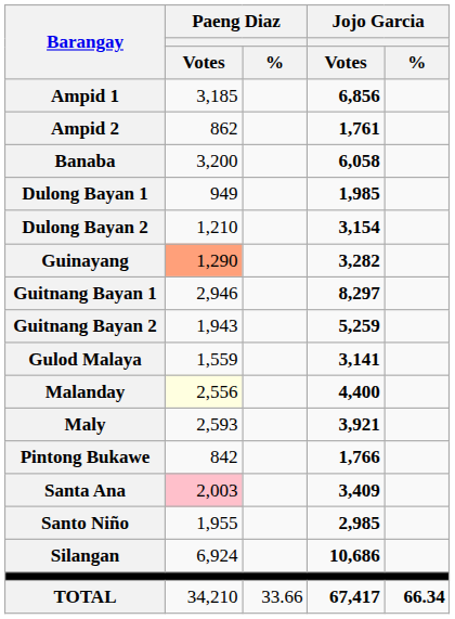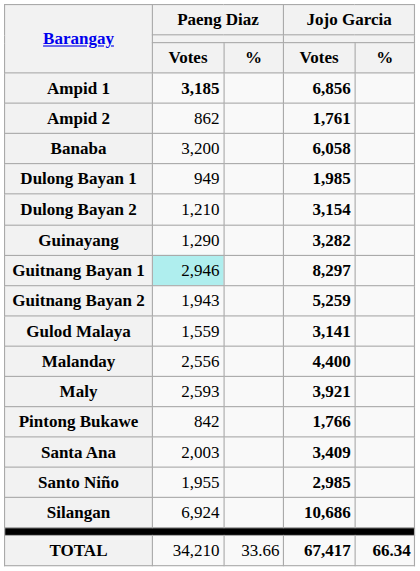 <table class="wikitable collapsible collapsed" style="text-align:right; font-size:95%; line-height:20px;">
 <tr>
 <th width="125" rowspan="3"><a href='#'>Barangay</a></th>
 <th width="110" colspan="2">Paeng Diaz</th>
 <th width="110" colspan="2">Jojo Garcia</th>
 </tr>
 <tr>
 <th colspan="2" style="background:"></th>
 <th colspan="2" style="background:"></th>
 </tr>
 <tr>
 <th>Votes</th>
 <th>%</th>
 <th>Votes</th>
 <th>%</th>
 </tr>
 <tr>
 <th scope="row">Ampid 1</th>
-<td>3,185</td>
+<td><strong>3,185</strong></td>
 <td></td>
 <td style="background:"><strong>6,856</strong></td>
 <td style="background:"><strong> </strong></td>
 </tr>
 <tr>
 <th scope="row">Ampid 2</th>
 <td>862</td>
 <td></td>
 <td style="background:"><strong>1,761</strong></td>
 <td style="background:"><strong> </strong></td>
 </tr>
 <tr>
 <th scope="row">Banaba</th>
 <td>3,200</td>
 <td></td>
 <td style="background:"><strong>6,058</strong></td>
 <td style="background:"><strong> </strong></td>
 </tr>
 <tr>
 <th scope="row">Dulong Bayan 1</th>
 <td>949</td>
 <td></td>
 <td style="background:"><strong>1,985</strong></td>
 <td style="background:"><strong> </strong></td>
 </tr>
 <tr>
 <th scope="row">Dulong Bayan 2</th>
 <td>1,210</td>
 <td></td>
 <td style="background:"><strong>3,154</strong></td>
 <td style="background:"><strong> </strong></td>
 </tr>
 <tr>
 <th scope="row">Guinayang</th>
-<td style="background: lightsalmon;">1,290</td>
+<td>1,290</td>
 <td></td>
 <td style="background:"><strong>3,282</strong></td>
 <td style="background:"><strong> </strong></td>
 </tr>
 <tr>
 <th scope="row">Guitnang Bayan 1</th>
-<td>2,946</td>
+<td style="background: paleturquoise;">2,946</td>
 <td></td>
 <td style="background:"><strong>8,297</strong></td>
 <td style="background:"><strong> </strong></td>
 </tr>
 <tr>
 <th scope="row">Guitnang Bayan 2</th>
 <td>1,943</td>
 <td></td>
 <td style="background:"><strong>5,259</strong></td>
 <td style="background:"><strong> </strong></td>
 </tr>
 <tr>
 <th scope="row">Gulod Malaya</th>
 <td>1,559</td>
 <td></td>
 <td style="background:"><strong>3,141</strong></td>
 <td style="background:"><strong> </strong></td>
 </tr>
 <tr>
 <th scope="row">Malanday</th>
-<td style="background: lightyellow;">2,556</td>
+<td>2,556</td>
 <td></td>
 <td style="background:"><strong>4,400</strong></td>
 <td style="background:"><strong> </strong></td>
 </tr>
 <tr>
 <th scope="row">Maly</th>
 <td>2,593</td>
 <td></td>
 <td style="background:"><strong>3,921</strong></td>
 <td style="background:"><strong> </strong></td>
 </tr>
 <tr>
 <th scope="row">Pintong Bukawe</th>
 <td>842</td>
 <td></td>
 <td style="background:"><strong>1,766</strong></td>
 <td style="background:"><strong> </strong></td>
 </tr>
 <tr>
 <th scope="row">Santa Ana</th>
-<td style="background: pink;">2,003</td>
+<td>2,003</td>
 <td></td>
 <td style="background:"><strong>3,409</strong></td>
 <td style="background:"><strong> </strong></td>
 </tr>
 <tr>
 <th scope="row">Santo Niño</th>
 <td>1,955</td>
 <td></td>
 <td style="background:"><strong>2,985</strong></td>
 <td style="background:"><strong> </strong></td>
 </tr>
 <tr>
 <th scope="row">Silangan</th>
 <td>6,924</td>
 <td></td>
 <td style="background:"><strong>10,686</strong></td>
 <td style="background:"><strong> </strong></td>
 </tr>
 <tr>
 <td colspan=9 bgcolor=black></td>
 </tr>
 <tr>
 <th scope="row">TOTAL</th>
 <td>34,210</td>
 <td>33.66</td>
 <td style="background:"><strong>67,417</strong></td>
 <td style="background:"><strong>66.34</strong></td>
 </tr>
 </table>
